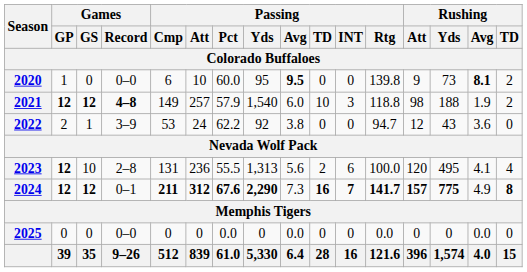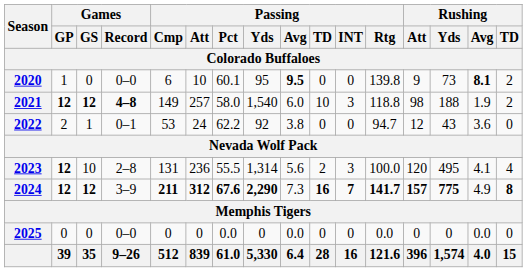 <table class="wikitable" style="text-align:center;">
 <tr>
 <th rowspan="2">Season</th>
 <th colspan="3">Games</th>
 <th colspan="8">Passing</th>
 <th colspan="4">Rushing</th>
 </tr>
 <tr>
 <th>GP</th>
 <th>GS</th>
 <th>Record</th>
 <th>Cmp</th>
 <th>Att</th>
 <th>Pct</th>
 <th>Yds</th>
 <th>Avg</th>
 <th>TD</th>
 <th>INT</th>
 <th>Rtg</th>
 <th>Att</th>
 <th>Yds</th>
 <th>Avg</th>
 <th>TD</th>
 </tr>
 <tr>
 <th colspan="16">Colorado Buffaloes</th>
 </tr>
 <tr>
 <th><a href='#'>2020</a></th>
 <td>1</td>
 <td>0</td>
 <td>0–0</td>
 <td>6</td>
 <td>10</td>
-<td>60.0</td>
+<td>60.1</td>
 <td>95</td>
 <td><strong>9.5</strong></td>
 <td>0</td>
 <td>0</td>
 <td>139.8</td>
 <td>9</td>
 <td>73</td>
 <td><strong>8.1</strong></td>
 <td>2</td>
 </tr>
 <tr>
 <th><a href='#'>2021</a></th>
 <td><strong>12</strong></td>
 <td><strong>12</strong></td>
 <td><strong>4–8</strong></td>
 <td>149</td>
 <td>257</td>
-<td>57.9</td>
+<td>58.0</td>
 <td>1,540</td>
 <td>6.0</td>
 <td>10</td>
 <td>3</td>
 <td>118.8</td>
 <td>98</td>
 <td>188</td>
 <td>1.9</td>
 <td>2</td>
 </tr>
 <tr>
 <th><a href='#'>2022</a></th>
 <td>2</td>
 <td>1</td>
-<td>3–9</td>
+<td>0–1</td>
 <td>53</td>
 <td>24</td>
 <td>62.2</td>
 <td>92</td>
 <td>3.8</td>
 <td>0</td>
 <td>0</td>
 <td>94.7</td>
 <td>12</td>
 <td>43</td>
 <td>3.6</td>
 <td>0</td>
 </tr>
 <tr>
 <th colspan="16">Nevada Wolf Pack</th>
 </tr>
 <tr>
 <th><a href='#'>2023</a></th>
 <td><strong>12</strong></td>
 <td>10</td>
 <td>2–8</td>
 <td>131</td>
 <td>236</td>
 <td>55.5</td>
-<td>1,313</td>
+<td>1,314</td>
 <td>5.6</td>
 <td>2</td>
-<td>6</td>
+<td>3</td>
 <td>100.0</td>
 <td>120</td>
 <td>495</td>
 <td>4.1</td>
 <td>4</td>
 </tr>
 <tr>
 <th><a href='#'>2024</a></th>
 <td><strong>12</strong></td>
 <td><strong>12</strong></td>
-<td>0–1</td>
+<td>3–9</td>
 <td><strong>211</strong></td>
 <td><strong>312</strong></td>
 <td><strong>67.6</strong></td>
 <td><strong>2,290</strong></td>
 <td>7.3</td>
 <td><strong>16</strong></td>
 <td><strong>7</strong></td>
 <td><strong>141.7</strong></td>
 <td><strong>157</strong></td>
 <td><strong>775</strong></td>
 <td>4.9</td>
 <td><strong>8</strong></td>
 </tr>
 <tr>
 <th colspan="16">Memphis Tigers</th>
 </tr>
 <tr>
 <th><a href='#'>2025</a></th>
 <td>0</td>
 <td>0</td>
 <td>0–0</td>
 <td>0</td>
 <td>0</td>
 <td>0.0</td>
 <td>0</td>
 <td>0.0</td>
 <td>0</td>
 <td>0</td>
 <td>0.0</td>
 <td>0</td>
 <td>0</td>
 <td>0.0</td>
 <td>0</td>
 </tr>
 <tr>
 <th></th>
 <th>39</th>
 <th>35</th>
 <th>9–26</th>
 <th>512</th>
 <th>839</th>
 <th>61.0</th>
 <th>5,330</th>
 <th>6.4</th>
 <th>28</th>
 <th>16</th>
 <th>121.6</th>
 <th>396</th>
 <th>1,574</th>
 <th>4.0</th>
 <th>15</th>
 </tr>
 </table>
